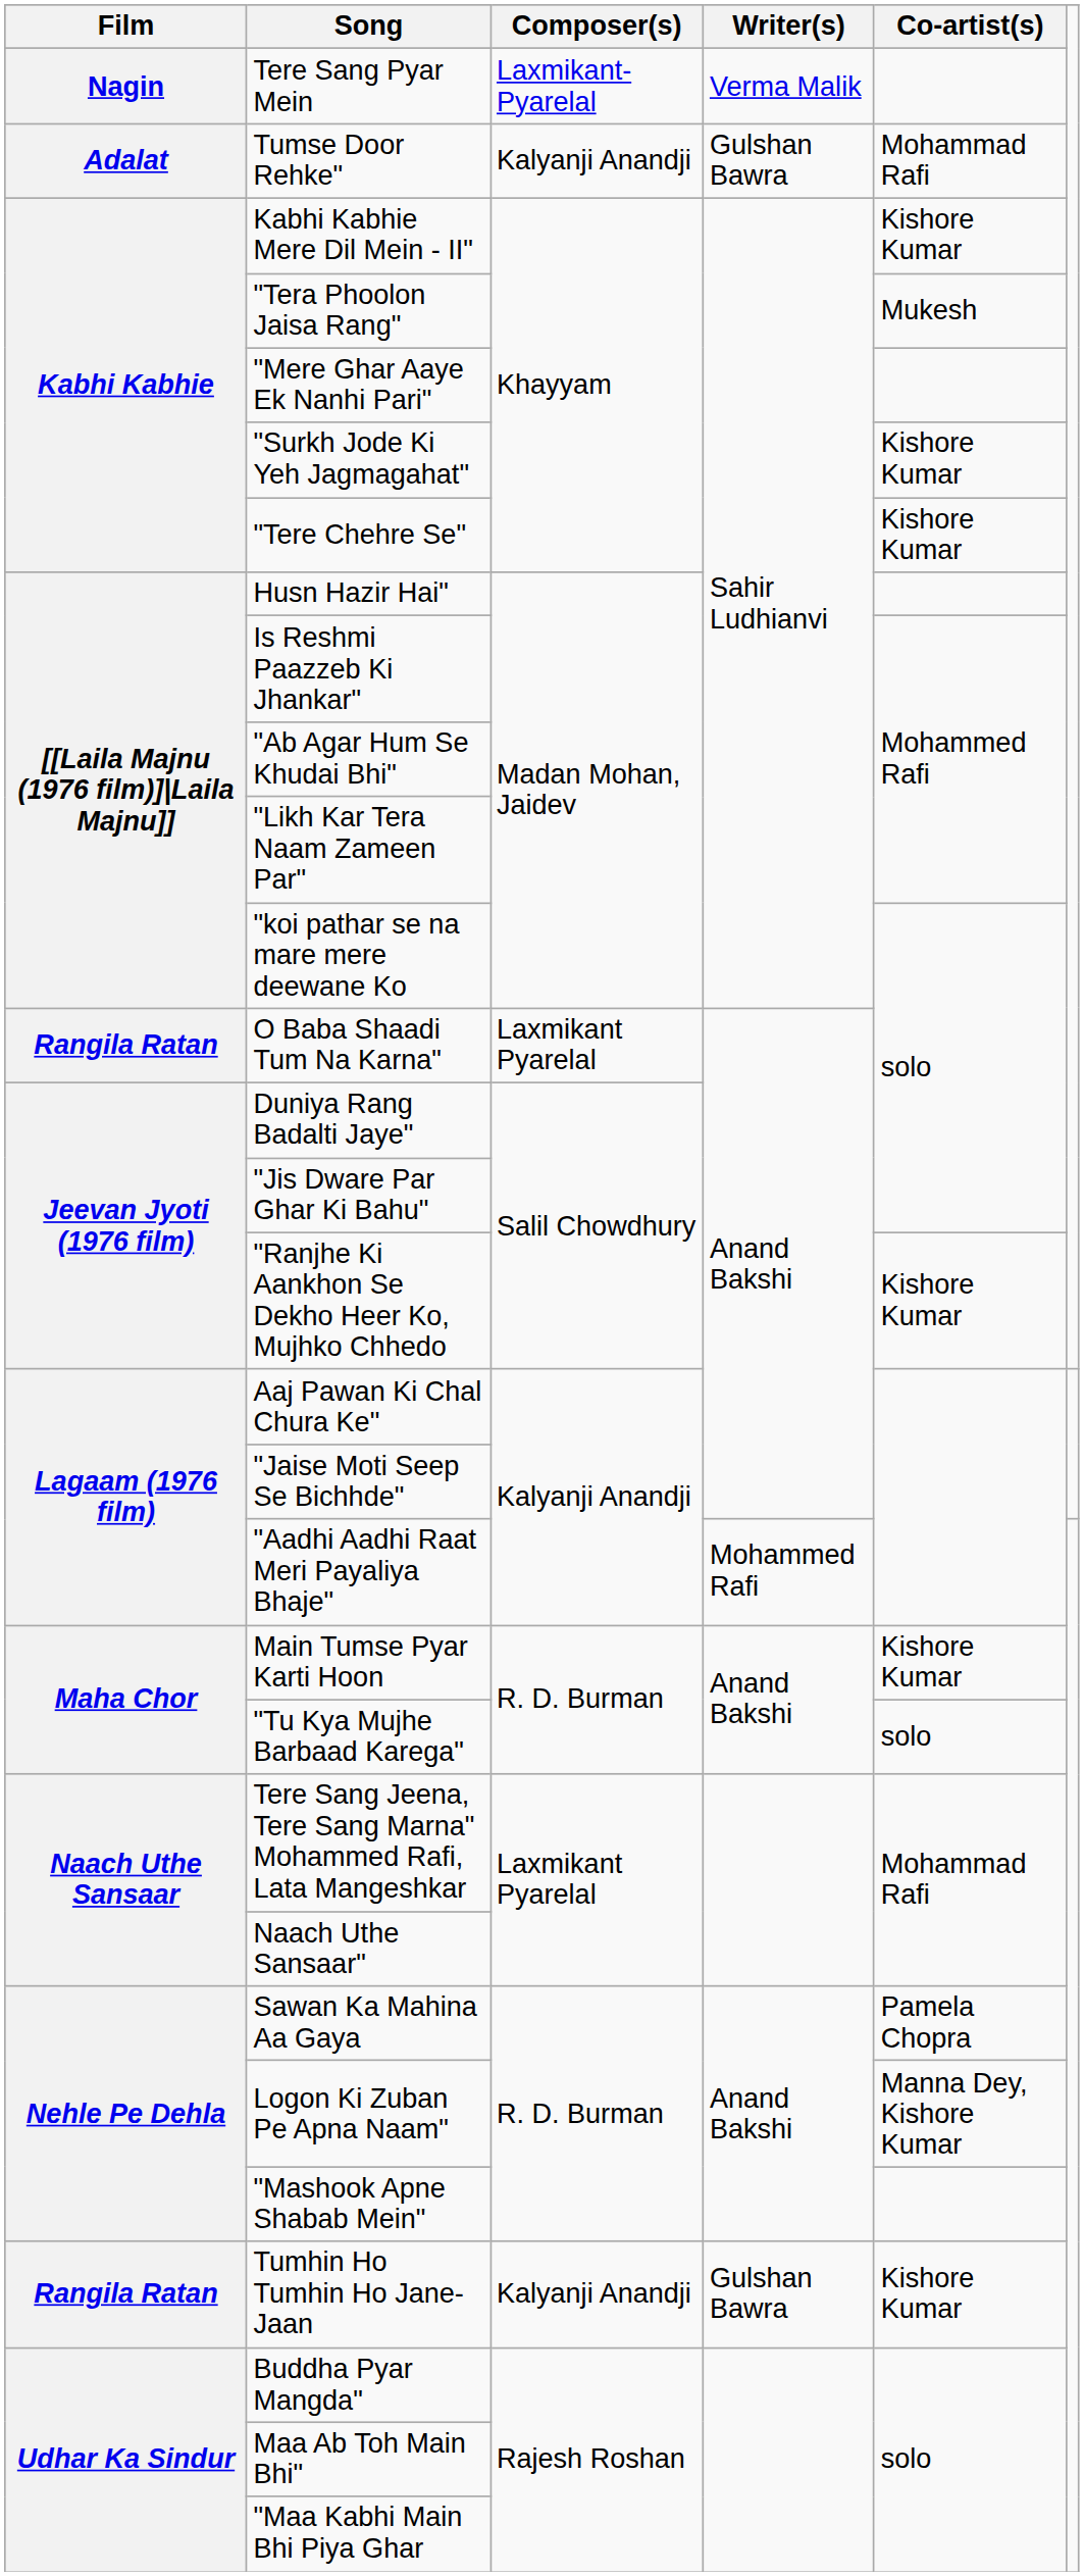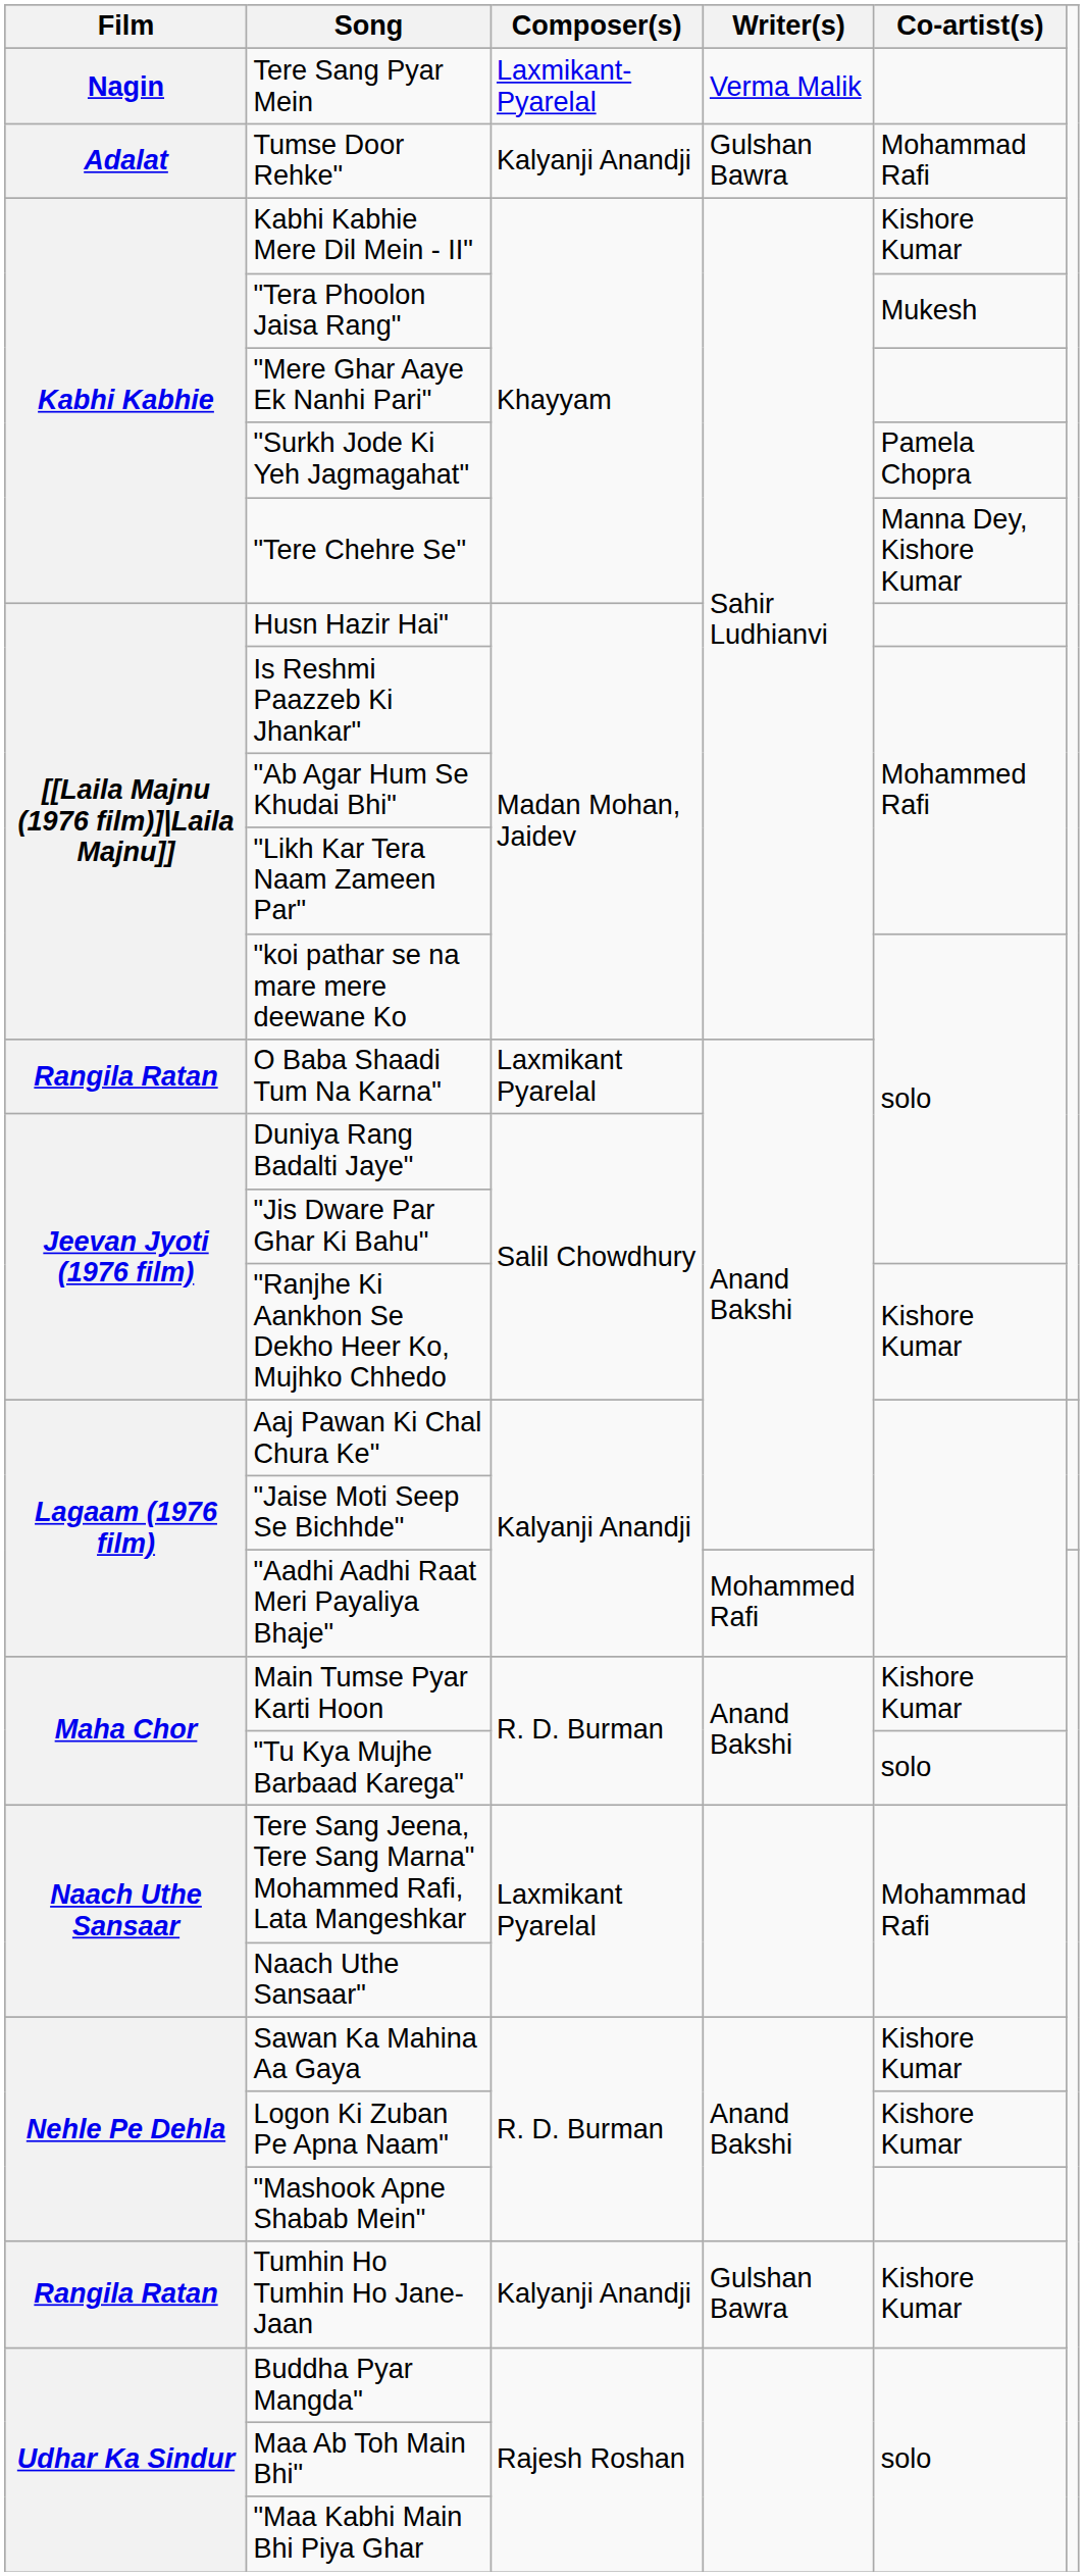 <table class="wikitable plainrowheaders" style="width:100%; textcolor:#000">
 <tr style="background:#b0e0e66;">
 <th scope="col" style="width:23%;"><strong>Film</strong></th>
 <th scope="col" style="width:23%;"><strong>Song</strong></th>
 <th scope="col" style="width:20%;"><strong>Composer(s)</strong></th>
 <th scope="col" style="width:16%;"><strong>Writer(s)</strong></th>
 <th scope="col" style="width:18%;"><strong>Co-artist(s)</strong></th>
 </tr>
 <tr>
 <th><a href='#'>Nagin</a></th>
 <td>Tere Sang Pyar Mein</td>
 <td><a href='#'>Laxmikant-Pyarelal</a></td>
 <td><a href='#'>Verma Malik</a></td>
 <td></td>
 </tr>
 <tr>
 <th><em><a href='#'>Adalat</a></em></th>
 <td>Tumse Door Rehke"</td>
 <td>Kalyanji Anandji</td>
 <td>Gulshan Bawra</td>
 <td>Mohammad Rafi</td>
 </tr>
 <tr>
 <th Rowspan=5><em><a href='#'>Kabhi Kabhie</a></em></th>
 <td>Kabhi Kabhie Mere Dil Mein - II"</td>
 <td rowspan=5>Khayyam</td>
 <td rowspan=10>Sahir Ludhianvi</td>
 <td>Kishore Kumar</td>
 </tr>
 <tr>
 <td>"Tera Phoolon Jaisa Rang"</td>
 <td>Mukesh</td>
 </tr>
 <tr>
 <td>"Mere Ghar Aaye Ek Nanhi Pari"</td>
 <td></td>
 </tr>
 <tr>
 <td>"Surkh Jode Ki Yeh Jagmagahat"</td>
-<td>Kishore Kumar</td>
+<td>Pamela Chopra</td>
 </tr>
 <tr>
 <td>"Tere Chehre Se"</td>
-<td>Kishore Kumar</td>
+<td>Manna Dey, Kishore Kumar</td>
 </tr>
 <tr>
 <th Rowspan=5><em>[[Laila Majnu (1976 film)]|Laila Majnu]]</em></th>
 <td>Husn Hazir Hai"</td>
 <td rowspan=5>Madan Mohan, Jaidev</td>
 <td></td>
 </tr>
 <tr>
 <td>Is Reshmi Paazzeb Ki Jhankar"</td>
 <td rowspan=3>Mohammed Rafi</td>
 </tr>
 <tr>
 <td>"Ab Agar Hum Se Khudai Bhi"</td>
 </tr>
 <tr>
 <td>"Likh Kar Tera Naam Zameen Par"</td>
 </tr>
 <tr>
 <td>"koi pathar se na mare mere deewane Ko</td>
 <td rowspan=4>solo</td>
 </tr>
 <tr>
 <th><em><a href='#'>Rangila Ratan</a></em></th>
 <td>O Baba Shaadi Tum Na Karna"</td>
 <td>Laxmikant Pyarelal</td>
 <td rowspan=6>Anand Bakshi</td>
 </tr>
 <tr>
 <th Rowspan=3><em><a href='#'>Jeevan Jyoti (1976 film)</a></em></th>
 <td>Duniya Rang Badalti Jaye"</td>
 <td rowspan=3>Salil Chowdhury</td>
 </tr>
 <tr>
 <td>"Jis Dware Par Ghar Ki Bahu"</td>
 </tr>
 <tr>
 <td>"Ranjhe Ki Aankhon Se Dekho Heer Ko, Mujhko Chhedo</td>
 <td>Kishore Kumar</td>
 </tr>
 <tr>
 <th Rowspan=3><em><a href='#'>Lagaam (1976 film)</a></em></th>
 <td>Aaj Pawan Ki Chal Chura Ke"</td>
 <td rowspan=3>Kalyanji Anandji</td>
 <td rowspan=3></td>
 <td rowspan=2></td>
 </tr>
 <tr>
 <td>"Jaise Moti Seep Se Bichhde"</td>
 </tr>
 <tr>
 <td>"Aadhi Aadhi Raat Meri Payaliya Bhaje"</td>
 <td>Mohammed Rafi</td>
 </tr>
 <tr>
 <th Rowspan=2><em><a href='#'>Maha Chor</a></em></th>
 <td>Main Tumse Pyar Karti Hoon</td>
 <td rowspan=2>R. D. Burman</td>
 <td rowspan=2>Anand Bakshi</td>
 <td>Kishore Kumar</td>
 </tr>
 <tr>
 <td>"Tu Kya Mujhe Barbaad Karega"</td>
 <td>solo</td>
 </tr>
 <tr>
 <th Rowspan=2><em><a href='#'>Naach Uthe Sansaar</a></em></th>
 <td>Tere Sang Jeena, Tere Sang Marna"	Mohammed Rafi, Lata Mangeshkar</td>
 <td rowspan=2>Laxmikant Pyarelal</td>
 <td rowspan=2></td>
 <td rowspan=2>Mohammad Rafi</td>
 </tr>
 <tr>
 <td>Naach Uthe Sansaar"</td>
 </tr>
 <tr>
 <th Rowspan=3><em><a href='#'>Nehle Pe Dehla</a></em></th>
 <td>Sawan Ka Mahina Aa Gaya</td>
 <td rowspan=3>R. D. Burman</td>
 <td rowspan=3>Anand Bakshi</td>
-<td>Pamela Chopra</td>
+<td>Kishore Kumar</td>
 </tr>
 <tr>
 <td>Logon Ki Zuban Pe Apna Naam"</td>
-<td>Manna Dey, Kishore Kumar</td>
+<td>Kishore Kumar</td>
 </tr>
 <tr>
 <td>"Mashook Apne Shabab Mein"</td>
 <td></td>
 </tr>
 <tr>
 <th><em><a href='#'>Rangila Ratan</a></em></th>
 <td>Tumhin Ho Tumhin Ho Jane-Jaan</td>
 <td>Kalyanji Anandji</td>
 <td>Gulshan Bawra</td>
 <td>Kishore Kumar</td>
 </tr>
 <tr>
 <th Rowspan=3><em><a href='#'>Udhar Ka Sindur</a></em></th>
 <td>Buddha Pyar Mangda"</td>
 <td rowspan=3>Rajesh Roshan</td>
 <td rowspan=3></td>
 <td rowspan=3>solo</td>
 </tr>
 <tr>
 <td>Maa Ab Toh Main Bhi"</td>
 </tr>
 <tr>
 <td>"Maa Kabhi Main Bhi Piya Ghar</td>
 </tr>
 </table>
